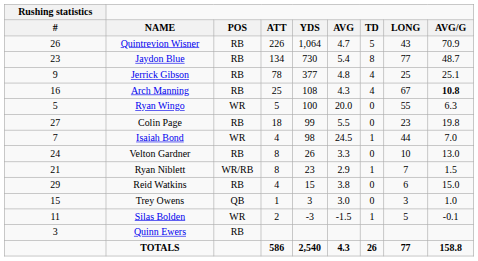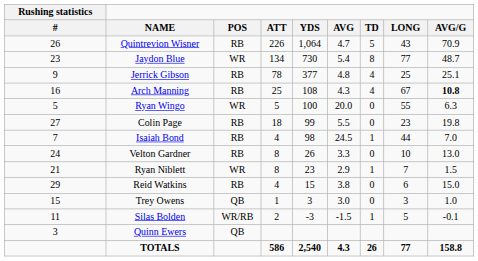 <table style="width:60%; text-align:center;" class="wikitable collapsible collapsed">
 <tr>
 <th style="text-align:center; ">Rushing statistics</th>
 </tr>
 <tr>
 <th>#</th>
 <th>NAME</th>
 <th>POS</th>
 <th>ATT</th>
 <th>YDS</th>
 <th>AVG</th>
 <th>TD</th>
 <th>LONG</th>
 <th>AVG/G</th>
 </tr>
 <tr style="text-align:center">
 <td>26</td>
 <td><a href='#'>Quintrevion Wisner</a></td>
 <td>RB</td>
 <td>226</td>
 <td>1,064</td>
 <td>4.7</td>
 <td>5</td>
 <td>43</td>
 <td>70.9</td>
 </tr>
 <tr style="text-align:center">
 <td>23</td>
 <td><a href='#'>Jaydon Blue</a></td>
-<td>RB</td>
+<td>WR</td>
 <td>134</td>
 <td>730</td>
 <td>5.4</td>
 <td>8</td>
 <td>77</td>
 <td>48.7</td>
 </tr>
 <tr style="text-align:center">
 <td>9</td>
 <td><a href='#'>Jerrick Gibson</a></td>
 <td>RB</td>
 <td>78</td>
 <td>377</td>
 <td>4.8</td>
 <td>4</td>
 <td>25</td>
 <td>25.1</td>
 </tr>
 <tr style="text-align:center">
 <td>16</td>
 <td><a href='#'>Arch Manning</a></td>
 <td>RB</td>
 <td>25</td>
 <td>108</td>
 <td>4.3</td>
 <td>4</td>
 <td>67</td>
 <td><strong>10.8</strong></td>
 </tr>
 <tr style="text-align:center">
 <td>5</td>
 <td><a href='#'>Ryan Wingo</a></td>
 <td>WR</td>
 <td>5</td>
 <td>100</td>
 <td>20.0</td>
 <td>0</td>
 <td>55</td>
 <td>6.3</td>
 </tr>
 <tr style="text-align:center">
 <td>27</td>
 <td>Colin Page</td>
 <td>RB</td>
 <td>18</td>
 <td>99</td>
 <td>5.5</td>
 <td>0</td>
 <td>23</td>
 <td>19.8</td>
 </tr>
 <tr style="text-align:center">
 <td>7</td>
 <td><a href='#'>Isaiah Bond</a></td>
-<td>WR</td>
+<td>RB</td>
 <td>4</td>
 <td>98</td>
 <td>24.5</td>
 <td>1</td>
 <td>44</td>
 <td>7.0</td>
 </tr>
 <tr style="text-align:center">
 <td>24</td>
 <td>Velton Gardner</td>
 <td>RB</td>
 <td>8</td>
 <td>26</td>
 <td>3.3</td>
 <td>0</td>
 <td>10</td>
 <td>13.0</td>
 </tr>
 <tr style="text-align:center">
 <td>21</td>
 <td>Ryan Niblett</td>
-<td>WR/RB</td>
+<td>WR</td>
 <td>8</td>
 <td>23</td>
 <td>2.9</td>
 <td>1</td>
 <td>7</td>
 <td>1.5</td>
 </tr>
 <tr style="text-align:center">
 <td>29</td>
 <td>Reid Watkins</td>
 <td>RB</td>
 <td>4</td>
 <td>15</td>
 <td>3.8</td>
 <td>0</td>
 <td>6</td>
 <td>15.0</td>
 </tr>
 <tr style="text-align:center">
 <td>15</td>
 <td>Trey Owens</td>
 <td>QB</td>
 <td>1</td>
 <td>3</td>
 <td>3.0</td>
 <td>0</td>
 <td>3</td>
 <td>1.0</td>
 </tr>
 <tr style="text-align:center">
 <td>11</td>
 <td><a href='#'>Silas Bolden</a></td>
-<td>WR</td>
+<td>WR/RB</td>
 <td>2</td>
 <td>-3</td>
 <td>-1.5</td>
 <td>1</td>
 <td>5</td>
 <td>-0.1</td>
 </tr>
 <tr style="text-align:center">
 <td>3</td>
 <td><a href='#'>Quinn Ewers</a></td>
-<td>RB</td>
+<td>QB</td>
 <td></td>
 <td></td>
 <td></td>
 <td></td>
 <td></td>
 <td></td>
 </tr>
 <tr style="text-align:center">
 <td></td>
 <td><strong>TOTALS</strong></td>
 <td></td>
 <td><strong>586</strong></td>
 <td><strong>2,540</strong></td>
 <td><strong>4.3</strong></td>
 <td><strong>26</strong></td>
 <td><strong>77</strong></td>
 <td><strong>158.8</strong></td>
 </tr>
 </table>
